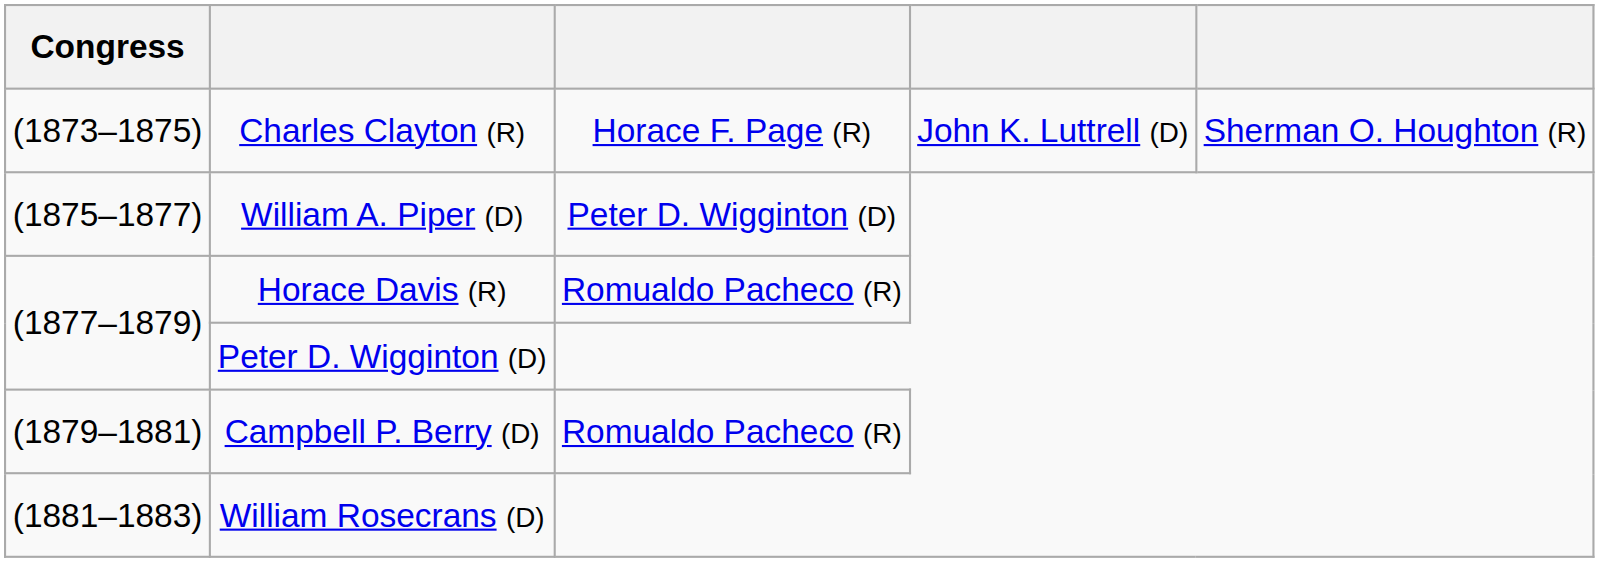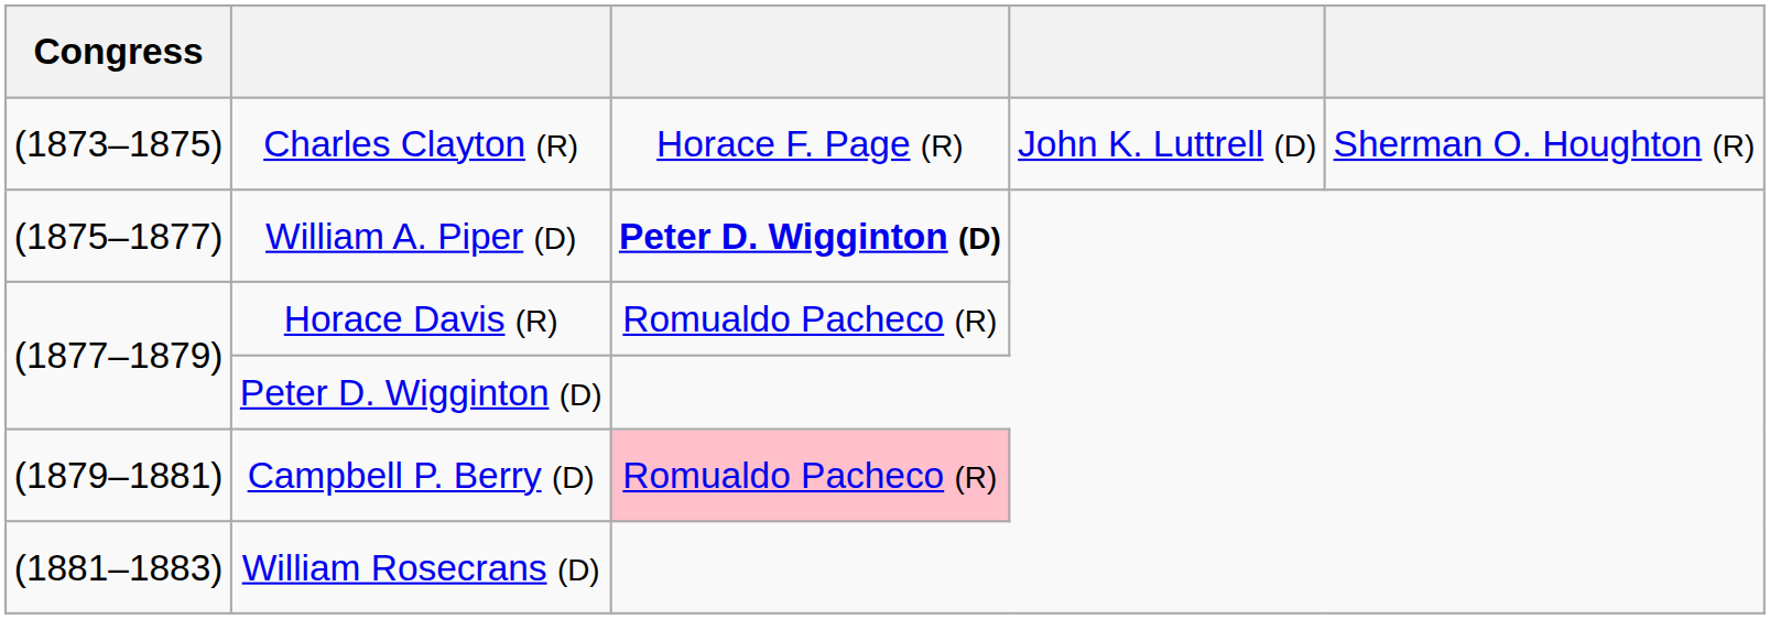 <table class=wikitable style="text-align:center">
 <tr style="height:2.5em">
 <th>Congress</th>
 <th></th>
 <th></th>
 <th></th>
 <th></th>
 </tr>
 <tr style="height:2.5em">
 <td><strong></strong> (1873–1875)</td>
 <td><a href='#'>Charles Clayton</a> <small>(R)</small></td>
 <td><a href='#'>Horace F. Page</a> <small>(R)</small></td>
 <td><a href='#'>John K. Luttrell</a> <small>(D)</small></td>
 <td><a href='#'>Sherman O. Houghton</a> <small>(R)</small></td>
 </tr>
 <tr style="height:2.5em">
 <td><strong></strong> (1875–1877)</td>
 <td><a href='#'>William A. Piper</a> <small>(D)</small></td>
-<td><a href='#'>Peter D. Wigginton</a> <small>(D)</small></td>
+<td><strong><a href='#'>Peter D. Wigginton</a> <small>(D)</small></strong></td>
 </tr>
 <tr style="height:2em">
 <td rowspan=2><strong></strong> (1877–1879)</td>
 <td><a href='#'>Horace Davis</a> <small>(R)</small></td>
 <td><a href='#'>Romualdo Pacheco</a> <small>(R)</small></td>
 </tr>
 <tr style="height:2em">
 <td><a href='#'>Peter D. Wigginton</a> <small>(D)</small></td>
 </tr>
 <tr style="height:2.5em">
 <td><strong></strong> (1879–1881)</td>
 <td><a href='#'>Campbell P. Berry</a> <small>(D)</small></td>
-<td><a href='#'>Romualdo Pacheco</a> <small>(R)</small></td>
+<td style="background: pink;"><a href='#'>Romualdo Pacheco</a> <small>(R)</small></td>
 </tr>
 <tr style="height:2.5em">
 <td><strong></strong> (1881–1883)</td>
 <td><a href='#'>William Rosecrans</a> <small>(D)</small></td>
 </tr>
 </table>
